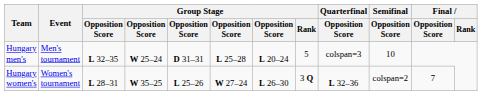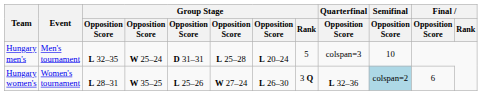 <table class="wikitable" style="font-size:90%">
 <tr>
 <th rowspan=2>Team</th>
 <th rowspan=2>Event</th>
 <th colspan=6>Group Stage</th>
 <th>Quarterfinal</th>
 <th>Semifinal</th>
 <th colspan=2>Final / </th>
 </tr>
 <tr style="font-size:95%">
 <th>Opposition<br>Score</th>
 <th>Opposition<br>Score</th>
 <th>Opposition<br>Score</th>
 <th>Opposition<br>Score</th>
 <th>Opposition<br>Score</th>
 <th>Rank</th>
 <th>Opposition<br>Score</th>
 <th>Opposition<br>Score</th>
 <th>Opposition<br>Score</th>
 <th>Rank</th>
 </tr>
 <tr align=center>
 <td align=left><a href='#'>Hungary men's</a></td>
 <td align=left><a href='#'>Men's tournament</a></td>
 <td><br><strong>L</strong> 32–35</td>
 <td><br><strong>W</strong> 25–24</td>
 <td><br><strong>D</strong> 31–31</td>
 <td><br><strong>L</strong> 25–28</td>
 <td><br><strong>L</strong> 20–24</td>
 <td>5</td>
 <td>colspan=3 </td>
 <td>10</td>
 </tr>
 <tr align=center>
 <td align=left><a href='#'>Hungary women's</a></td>
 <td align=left><a href='#'>Women's tournament</a></td>
 <td><br><strong>L</strong> 28–31</td>
 <td><br><strong>W</strong> 35–25</td>
 <td><br><strong>L</strong> 25–26</td>
 <td><br><strong>W</strong> 27–24</td>
 <td><br><strong>L</strong> 26–30</td>
 <td>3 <strong>Q</strong></td>
 <td><br><strong>L</strong> 32–36</td>
-<td>colspan=2 </td>
-<td>7</td>
+<td style="background: lightblue;">colspan=2 </td>
+<td>6</td>
 </tr>
 </table>
